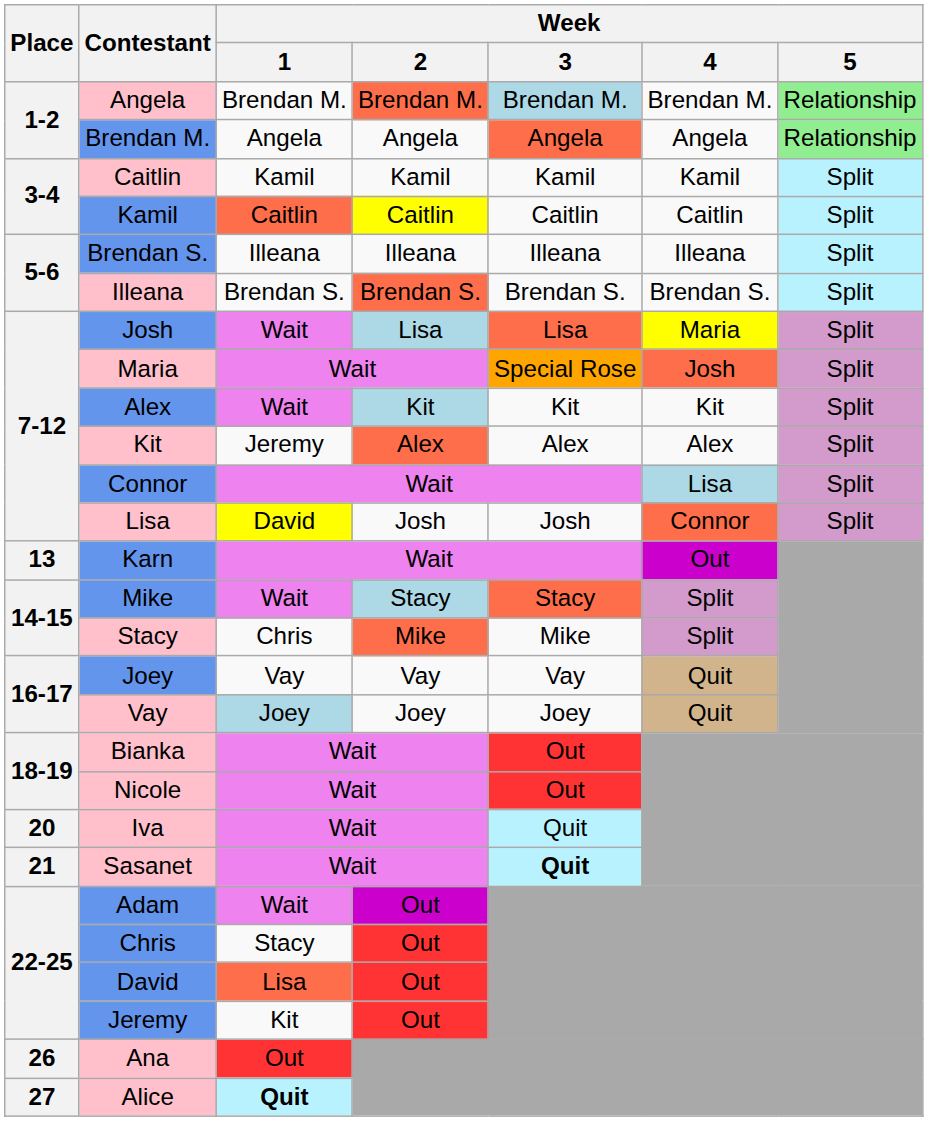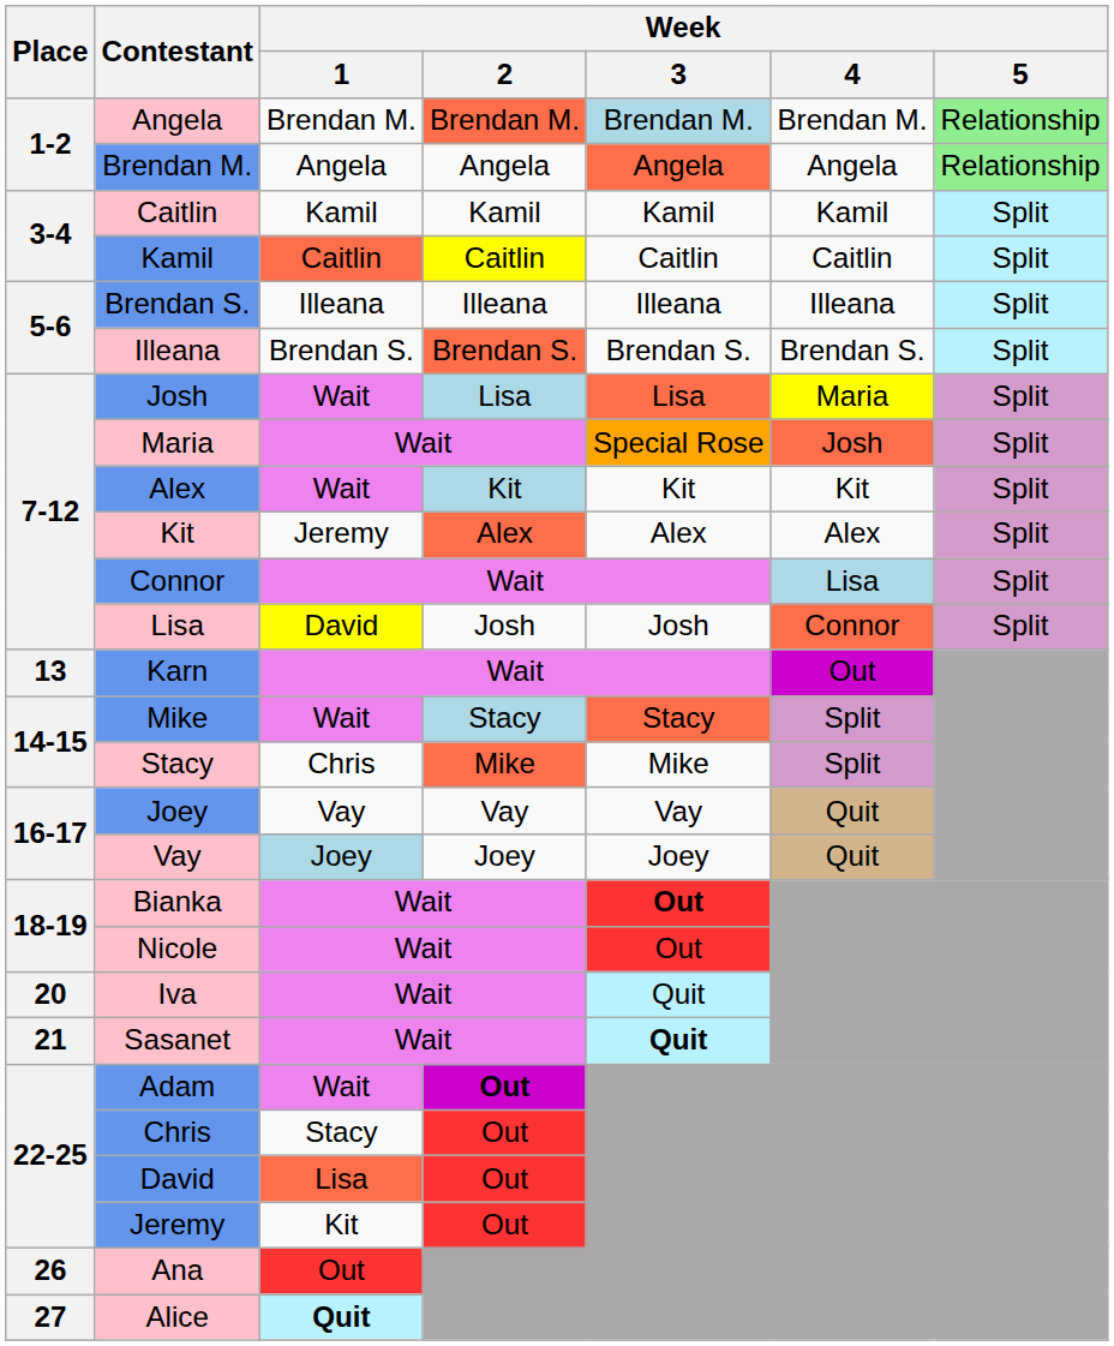 <table class="wikitable" style="text-align:center">
 <tr>
 <th rowspan="2">Place</th>
 <th rowspan="2">Contestant</th>
 <th colspan="5">Week</th>
 </tr>
 <tr>
 <th>1</th>
 <th>2</th>
 <th>3</th>
 <th>4</th>
 <th>5</th>
 </tr>
 <tr>
 <th rowspan="2">1-2</th>
 <td bgcolor="#FFC0CB">Angela</td>
 <td>Brendan M.</td>
 <td bgcolor="#FF6E4A">Brendan M.</td>
 <td bgcolor="#ADD8E6">Brendan M.</td>
 <td>Brendan M.</td>
 <td bgcolor="90EE90">Relationship</td>
 </tr>
 <tr>
 <td bgcolor="#6495ED">Brendan M.</td>
 <td>Angela</td>
 <td>Angela</td>
 <td bgcolor="#FF6E4A">Angela</td>
 <td>Angela</td>
 <td bgcolor="90EE90">Relationship</td>
 </tr>
 <tr>
 <th rowspan="2">3-4</th>
 <td bgcolor="#FFC0CB">Caitlin</td>
 <td>Kamil</td>
 <td>Kamil</td>
 <td>Kamil</td>
 <td>Kamil</td>
 <td bgcolor="B9F2FF">Split</td>
 </tr>
 <tr>
 <td bgcolor="#6495ED">Kamil</td>
 <td bgcolor="#FF6E4A">Caitlin</td>
 <td bgcolor="#FFFF00">Caitlin</td>
 <td>Caitlin</td>
 <td>Caitlin</td>
 <td bgcolor="B9F2FF">Split</td>
 </tr>
 <tr>
 <th rowspan="2">5-6</th>
 <td bgcolor="#6495ED">Brendan S.</td>
 <td>Illeana</td>
 <td>Illeana</td>
 <td>Illeana</td>
 <td>Illeana</td>
 <td bgcolor="B9F2FF">Split</td>
 </tr>
 <tr>
 <td bgcolor="#FFC0CB">Illeana</td>
 <td>Brendan S.</td>
 <td bgcolor="#FF6E4A">Brendan S.</td>
 <td>Brendan S.</td>
 <td>Brendan S.</td>
 <td bgcolor="B9F2FF">Split</td>
 </tr>
 <tr>
 <th rowspan="6">7-12</th>
 <td bgcolor="#6495ED">Josh</td>
 <td bgcolor="violet">Wait</td>
 <td bgcolor="#ADD8E6">Lisa</td>
 <td bgcolor="#FF6E4A">Lisa</td>
 <td bgcolor="#FFFF00">Maria</td>
 <td bgcolor="D39BCB">Split</td>
 </tr>
 <tr>
 <td bgcolor="#FFC0CB">Maria</td>
 <td colspan="2" bgcolor="violet">Wait</td>
 <td bgcolor="#FFA500">Special Rose</td>
 <td bgcolor="#FF6E4A">Josh</td>
 <td bgcolor="D39BCB">Split</td>
 </tr>
 <tr>
 <td bgcolor="#6495ED">Alex</td>
 <td bgcolor="violet">Wait</td>
 <td bgcolor="#ADD8E6">Kit</td>
 <td>Kit</td>
 <td>Kit</td>
 <td bgcolor="D39BCB">Split</td>
 </tr>
 <tr>
 <td bgcolor="#FFC0CB">Kit</td>
 <td>Jeremy</td>
 <td bgcolor="#FF6E4A">Alex</td>
 <td>Alex</td>
 <td>Alex</td>
 <td bgcolor="D39BCB">Split</td>
 </tr>
 <tr>
 <td bgcolor="#6495ED">Connor</td>
 <td colspan="3" bgcolor="violet">Wait</td>
 <td bgcolor="#ADD8E6">Lisa</td>
 <td bgcolor="D39BCB">Split</td>
 </tr>
 <tr>
 <td bgcolor="#FFC0CB">Lisa</td>
 <td bgcolor="#FFFF00">David</td>
 <td>Josh</td>
 <td>Josh</td>
 <td bgcolor="#FF6E4A">Connor</td>
 <td bgcolor="D39BCB">Split</td>
 </tr>
 <tr>
 <th>13</th>
 <td bgcolor="#6495ED">Karn</td>
 <td colspan="3" bgcolor="violet">Wait</td>
 <td bgcolor="#CC00CC">Out</td>
 <td colspan="1" rowspan="5" bgcolor="#A9A9A9"></td>
 </tr>
 <tr>
 <th rowspan="2">14-15</th>
 <td bgcolor="#6495ED">Mike</td>
 <td bgcolor="violet">Wait</td>
 <td bgcolor="#ADD8E6">Stacy</td>
 <td bgcolor="#FF6E4A">Stacy</td>
 <td bgcolor="D39BCB">Split</td>
 </tr>
 <tr>
 <td bgcolor="#FFC0CB">Stacy</td>
 <td>Chris</td>
 <td bgcolor="#FF6E4A">Mike</td>
 <td>Mike</td>
 <td bgcolor="D39BCB">Split</td>
 </tr>
 <tr>
 <th rowspan="2">16-17</th>
 <td bgcolor="#6495ED">Joey</td>
 <td>Vay</td>
 <td>Vay</td>
 <td>Vay</td>
 <td bgcolor="tan">Quit</td>
 </tr>
 <tr>
 <td bgcolor="#FFC0CB">Vay</td>
 <td bgcolor="#ADD8E6">Joey</td>
 <td>Joey</td>
 <td>Joey</td>
 <td bgcolor="tan">Quit</td>
 </tr>
 <tr>
 <th rowspan="2">18-19</th>
 <td bgcolor="#FFC0CB">Bianka</td>
 <td colspan="2" bgcolor="violet">Wait</td>
-<td bgcolor="#FF3333">Out</td>
+<td bgcolor="#FF3333"><strong>Out</strong></td>
 <td colspan="2" rowspan="4" bgcolor="#A9A9A9"></td>
 </tr>
 <tr>
 <td bgcolor="#FFC0CB">Nicole</td>
 <td colspan="2" bgcolor="violet">Wait</td>
 <td bgcolor="#FF3333">Out</td>
 </tr>
 <tr>
 <th>20</th>
 <td bgcolor="#FFC0CB">Iva</td>
 <td colspan="2" bgcolor="violet">Wait</td>
 <td bgcolor="#B9F2FF">Quit</td>
 </tr>
 <tr>
 <th>21</th>
 <td bgcolor="#FFC0CB">Sasanet</td>
 <td colspan="2" bgcolor="violet">Wait</td>
 <td bgcolor="#B9F2FF"><strong>Quit</strong></td>
 </tr>
 <tr>
 <th rowspan="4">22-25</th>
 <td bgcolor="#6495ED">Adam</td>
 <td bgcolor="violet">Wait</td>
-<td bgcolor="#CC00CC">Out</td>
+<td bgcolor="#CC00CC"><strong>Out</strong></td>
 <td colspan="3" rowspan="4" bgcolor="#A9A9A9"></td>
 </tr>
 <tr>
 <td bgcolor="#6495ED">Chris</td>
 <td>Stacy</td>
 <td bgcolor="#FF3333">Out</td>
 </tr>
 <tr>
 <td bgcolor="#6495ED">David</td>
 <td bgcolor="#FF6E4A">Lisa</td>
 <td bgcolor="#FF3333">Out</td>
 </tr>
 <tr>
 <td bgcolor="#6495ED">Jeremy</td>
 <td>Kit</td>
 <td bgcolor="#FF3333">Out</td>
 </tr>
 <tr>
 <th>26</th>
 <td bgcolor="#FFC0CB">Ana</td>
 <td bgcolor="#FF3333">Out</td>
 <td colspan="4" rowspan="2" bgcolor="#A9A9A9"></td>
 </tr>
 <tr>
 <th>27</th>
 <td bgcolor="#FFC0CB">Alice</td>
 <td bgcolor="#B9F2FF"><strong>Quit</strong></td>
 </tr>
 </table>
